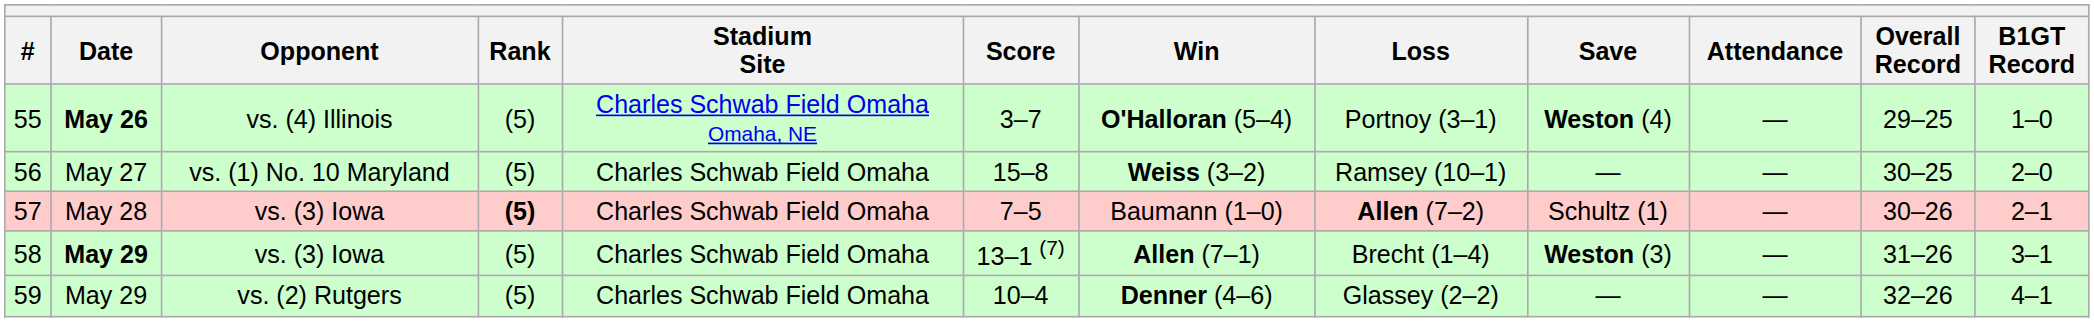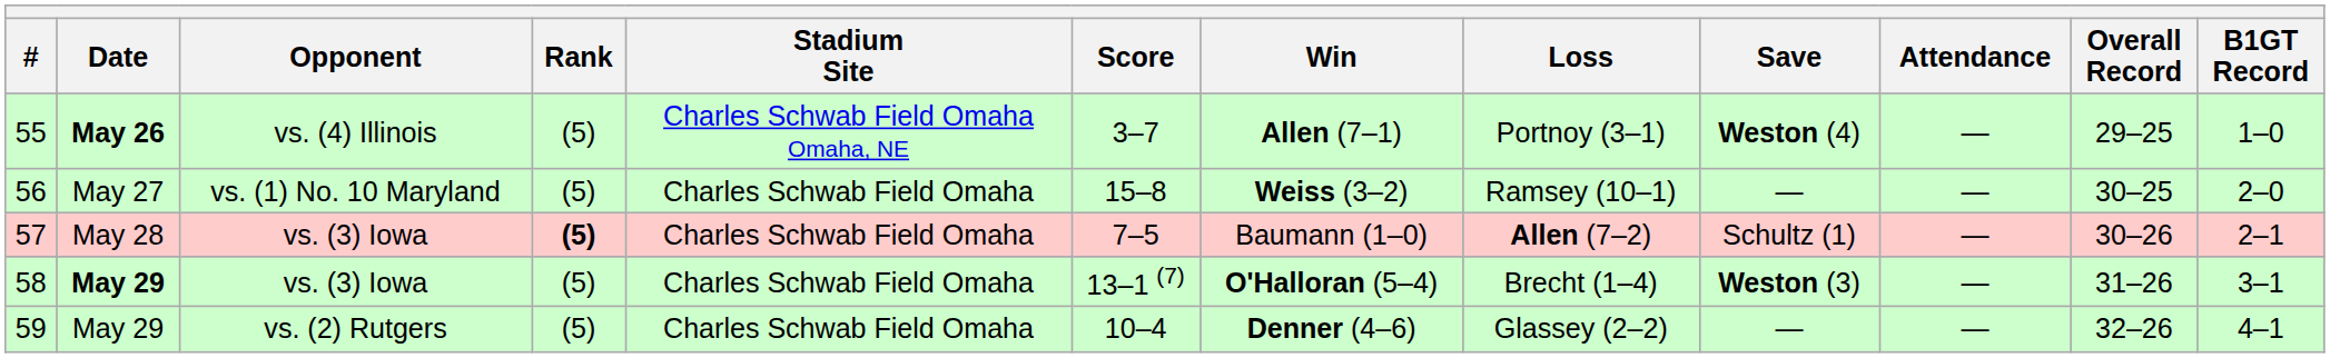 <table class="wikitable collapsible collapsed" style="margin:auto; width:100%; text-align:center; font-size:95%">
 <tr>
 <th colspan=12 style="padding-left:4em;"></th>
 </tr>
 <tr>
 <th>#</th>
 <th>Date</th>
 <th>Opponent</th>
 <th>Rank</th>
 <th>Stadium<br>Site</th>
 <th>Score</th>
 <th>Win</th>
 <th>Loss</th>
 <th>Save</th>
 <th>Attendance</th>
 <th>Overall<br>Record</th>
 <th>B1GT<br>Record</th>
 </tr>
 <tr align="center" bgcolor="#ccffcc">
 <td>55</td>
 <td><strong>May 26</strong></td>
 <td>vs. (4) Illinois</td>
 <td>(5)</td>
 <td><a href='#'>Charles Schwab Field Omaha</a><br><small><a href='#'>Omaha, NE</a></small></td>
 <td>3–7</td>
-<td><strong>O'Halloran</strong> (5–4)</td>
+<td><strong>Allen</strong> (7–1)</td>
 <td>Portnoy (3–1)</td>
 <td><strong>Weston</strong> (4)</td>
 <td>—</td>
 <td>29–25</td>
 <td>1–0</td>
 </tr>
 <tr align="center" bgcolor="#ccffcc">
 <td>56</td>
 <td>May 27</td>
 <td>vs. (1) No. 10 Maryland</td>
 <td>(5)</td>
 <td>Charles Schwab Field Omaha</td>
 <td>15–8</td>
 <td><strong>Weiss</strong> (3–2)</td>
 <td>Ramsey (10–1)</td>
 <td>—</td>
 <td>—</td>
 <td>30–25</td>
 <td>2–0</td>
 </tr>
 <tr align="center" bgcolor="#ffcccc">
 <td>57</td>
 <td>May 28</td>
 <td>vs. (3) Iowa</td>
 <td><strong>(5)</strong></td>
 <td>Charles Schwab Field Omaha</td>
 <td>7–5</td>
 <td>Baumann (1–0)</td>
 <td><strong>Allen</strong> (7–2)</td>
 <td>Schultz (1)</td>
 <td>—</td>
 <td>30–26</td>
 <td>2–1</td>
 </tr>
 <tr align="center" bgcolor="#ccffcc">
 <td>58</td>
 <td><strong>May 29</strong></td>
 <td>vs. (3) Iowa</td>
 <td>(5)</td>
 <td>Charles Schwab Field Omaha</td>
 <td>13–1 <sup>(7)</sup></td>
-<td><strong>Allen</strong> (7–1)</td>
+<td><strong>O'Halloran</strong> (5–4)</td>
 <td>Brecht (1–4)</td>
 <td><strong>Weston</strong> (3)</td>
 <td>—</td>
 <td>31–26</td>
 <td>3–1</td>
 </tr>
 <tr align="center" bgcolor="#ccffcc">
 <td>59</td>
 <td>May 29</td>
 <td>vs. (2) Rutgers</td>
 <td>(5)</td>
 <td>Charles Schwab Field Omaha</td>
 <td>10–4</td>
 <td><strong>Denner</strong> (4–6)</td>
 <td>Glassey (2–2)</td>
 <td>—</td>
 <td>—</td>
 <td>32–26</td>
 <td>4–1</td>
 </tr>
 </table>
